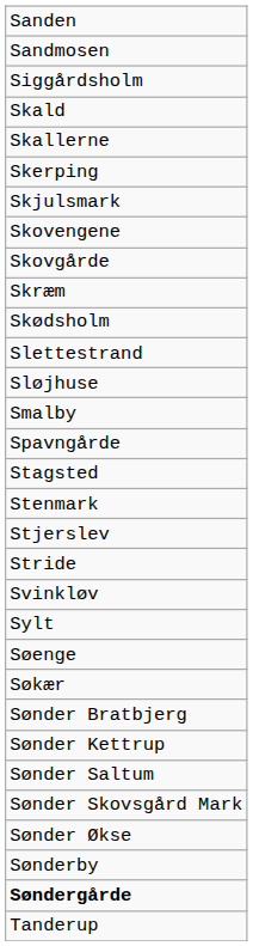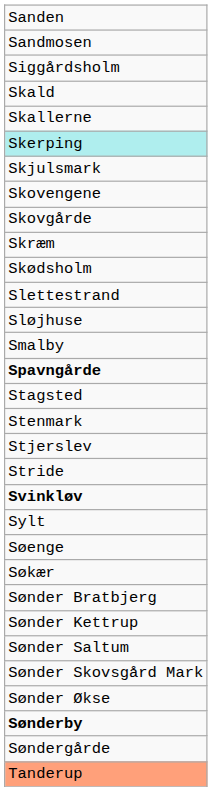 <table class="wikitable" style="float:left; margin-right:1em">
 <tr>
 <td>Sanden</td>
 </tr>
 <tr>
 <td>Sandmosen</td>
 </tr>
 <tr>
 <td>Siggårdsholm</td>
 </tr>
 <tr>
 <td>Skald</td>
 </tr>
 <tr>
 <td>Skallerne</td>
 </tr>
 <tr>
-<td>Skerping</td>
+<td style="background: paleturquoise;">Skerping</td>
 </tr>
 <tr>
 <td>Skjulsmark</td>
 </tr>
 <tr>
 <td>Skovengene</td>
 </tr>
 <tr>
 <td>Skovgårde</td>
 </tr>
 <tr>
 <td>Skræm</td>
 </tr>
 <tr>
 <td>Skødsholm</td>
 </tr>
 <tr>
 <td>Slettestrand</td>
 </tr>
 <tr>
 <td>Sløjhuse</td>
 </tr>
 <tr>
 <td>Smalby</td>
 </tr>
 <tr>
-<td>Spavngårde</td>
+<td><strong>Spavngårde</strong></td>
 </tr>
 <tr>
 <td>Stagsted</td>
 </tr>
 <tr>
 <td>Stenmark</td>
 </tr>
 <tr>
 <td>Stjerslev</td>
 </tr>
 <tr>
 <td>Stride</td>
 </tr>
 <tr>
-<td>Svinkløv</td>
+<td><strong>Svinkløv</strong></td>
 </tr>
 <tr>
 <td>Sylt</td>
 </tr>
 <tr>
 <td>Søenge</td>
 </tr>
 <tr>
 <td>Søkær</td>
 </tr>
 <tr>
 <td>Sønder Bratbjerg</td>
 </tr>
 <tr>
 <td>Sønder Kettrup</td>
 </tr>
 <tr>
 <td>Sønder Saltum</td>
 </tr>
 <tr>
 <td>Sønder Skovsgård Mark</td>
 </tr>
 <tr>
 <td>Sønder Økse</td>
 </tr>
 <tr>
-<td>Sønderby</td>
+<td><strong>Sønderby</strong></td>
 </tr>
 <tr>
-<td><strong>Søndergårde</strong></td>
+<td>Søndergårde</td>
 </tr>
 <tr>
-<td>Tanderup</td>
+<td style="background: lightsalmon;">Tanderup</td>
 </tr>
 </table>
